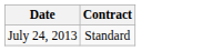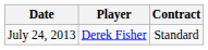 <table class="wikitable" style="text-align: center">
 <tr>
 <th>Date</th>
+<th>Player</th>
 <th>Contract</th>
 </tr>
 <tr style="text-align: center">
 <td>July 24, 2013</td>
+<td><a href='#'>Derek Fisher</a></td>
 <td>Standard</td>
 </tr>
 </table>
